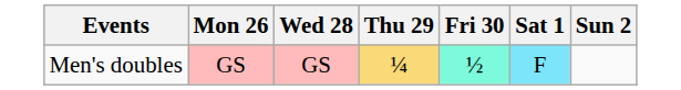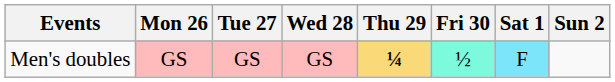 <table class="wikitable" style="margin:0.5em auto; font-size:90%; line-height:1.25em; text-align:center">
 <tr>
 <th>Events</th>
 <th>Mon 26</th>
+<th>Tue 27</th>
 <th>Wed 28</th>
 <th>Thu 29</th>
 <th>Fri 30</th>
 <th>Sat 1</th>
 <th>Sun 2</th>
 </tr>
 <tr>
 <td style="text-align:left;">Men's doubles</td>
 <td style="background-color:#FFBBBB">GS</td>
 <td style="background-color:#FFBBBB">GS</td>
-<td style="background-color:#FAD978">¼</td>
+<td style="background-color:#FFBBBB">GS</td>
+<td style="background-color:#FAD978"><strong>¼</strong></td>
 <td style="background-color:#7DFADB">½</td>
 <td style="background-color:#7DE5FA">F</td>
 <td></td>
 </tr>
 </table>
